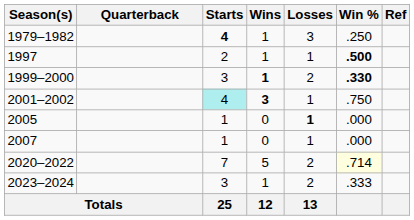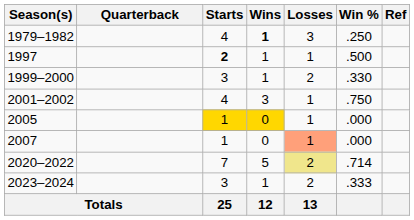 <table class="wikitable sortable" style="text-align:center">
 <tr>
 <th>Season(s)</th>
 <th style="width: 9em;">Quarterback</th>
 <th>Starts</th>
 <th>Wins</th>
 <th>Losses</th>
 <th>Win %</th>
 <th class="wikitable unsortable">Ref</th>
 </tr>
 <tr>
 <td align=left>1979–1982</td>
 <td align=left></td>
-<td><strong>4</strong></td>
-<td>1</td>
+<td>4</td>
+<td><strong>1</strong></td>
 <td>3</td>
 <td>.250</td>
 <td></td>
 </tr>
 <tr>
 <td align=left>1997</td>
 <td align=left></td>
-<td>2</td>
+<td><strong>2</strong></td>
 <td>1</td>
 <td>1</td>
-<td><strong>.500</strong></td>
+<td>.500</td>
 <td></td>
 </tr>
 <tr>
 <td align=left>1999–2000</td>
 <td align=left></td>
 <td>3</td>
-<td><strong>1</strong></td>
+<td>1</td>
 <td>2</td>
-<td><strong>.330</strong></td>
+<td>.330</td>
 <td></td>
 </tr>
 <tr>
 <td align=left>2001–2002</td>
 <td align=left></td>
-<td style="background: paleturquoise;">4</td>
-<td><strong>3</strong></td>
+<td>4</td>
+<td>3</td>
 <td>1</td>
 <td>.750</td>
 <td></td>
 </tr>
 <tr>
 <td align=left>2005</td>
 <td align=left></td>
+<td style="background: gold;">1</td>
+<td style="background: gold;">0</td>
 <td>1</td>
-<td>0</td>
-<td><strong>1</strong></td>
 <td>.000</td>
 <td></td>
 </tr>
 <tr>
 <td align=left>2007</td>
 <td align=left></td>
 <td>1</td>
 <td>0</td>
-<td>1</td>
+<td style="background: lightsalmon;">1</td>
 <td>.000</td>
 <td></td>
 </tr>
 <tr>
 <td align=left>2020–2022</td>
 <td align=left></td>
 <td>7</td>
 <td>5</td>
-<td>2</td>
-<td style="background: lightyellow;">.714</td>
+<td style="background: khaki;">2</td>
+<td>.714</td>
 <td></td>
 </tr>
 <tr>
 <td align=left>2023–2024</td>
 <td align=left></td>
 <td>3</td>
 <td>1</td>
 <td>2</td>
 <td>.333</td>
 <td></td>
 </tr>
 <tr>
 <th colspan="2">Totals</th>
 <th>25</th>
 <th>12</th>
 <th>13</th>
 <th></th>
 <th></th>
 </tr>
 </table>
